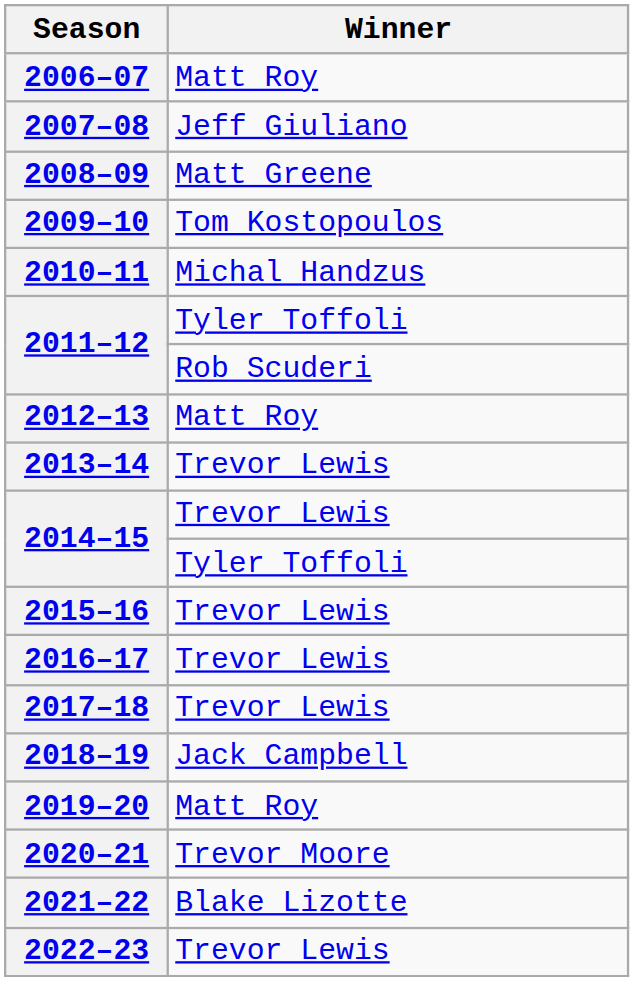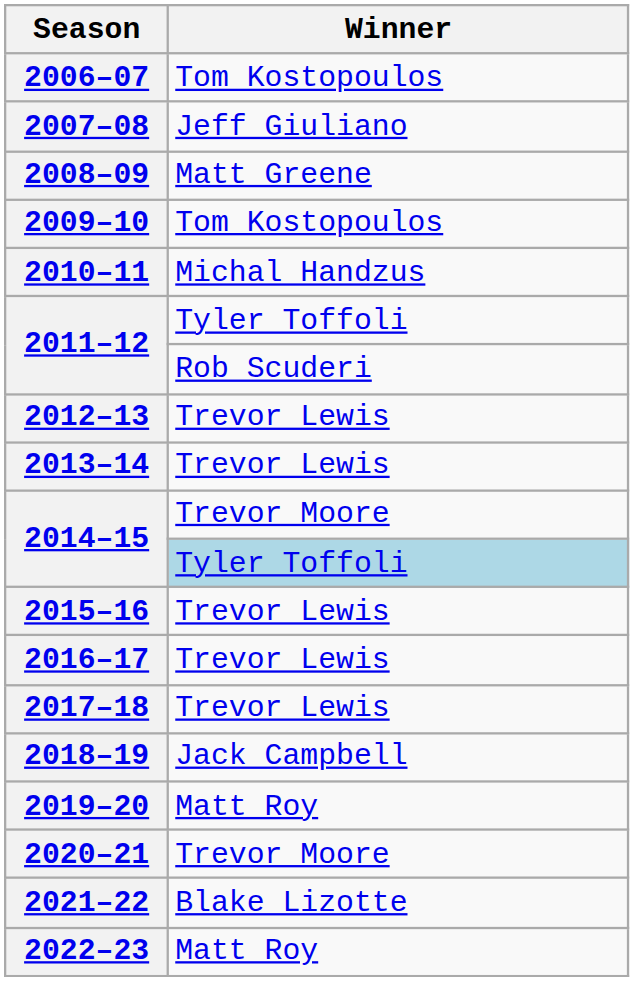 <table class="wikitable">
 <tr>
 <th scope="col" style="width:5em">Season</th>
 <th scope="col" style="width:15em">Winner</th>
 </tr>
 <tr>
 <th scope="row"><a href='#'>2006–07</a></th>
-<td><a href='#'>Matt Roy</a></td>
+<td><a href='#'>Tom Kostopoulos</a></td>
 </tr>
 <tr>
 <th scope="row"><a href='#'>2007–08</a></th>
 <td><a href='#'>Jeff Giuliano</a></td>
 </tr>
 <tr>
 <th scope="row"><a href='#'>2008–09</a></th>
 <td><a href='#'>Matt Greene</a></td>
 </tr>
 <tr>
 <th scope="row"><a href='#'>2009–10</a></th>
 <td><a href='#'>Tom Kostopoulos</a></td>
 </tr>
 <tr>
 <th scope="row"><a href='#'>2010–11</a></th>
 <td><a href='#'>Michal Handzus</a></td>
 </tr>
 <tr>
 <th scope="row" rowspan="2"><a href='#'>2011–12</a></th>
 <td><a href='#'>Tyler Toffoli</a></td>
 </tr>
 <tr>
 <td><a href='#'>Rob Scuderi</a></td>
 </tr>
 <tr>
 <th scope="row"><a href='#'>2012–13</a></th>
-<td><a href='#'>Matt Roy</a></td>
+<td><a href='#'>Trevor Lewis</a></td>
 </tr>
 <tr>
 <th scope="row"><a href='#'>2013–14</a></th>
 <td><a href='#'>Trevor Lewis</a></td>
 </tr>
 <tr>
 <th scope="row" rowspan="2"><a href='#'>2014–15</a></th>
-<td><a href='#'>Trevor Lewis</a></td>
+<td><a href='#'>Trevor Moore</a></td>
 </tr>
 <tr>
-<td><a href='#'>Tyler Toffoli</a></td>
+<td style="background: lightblue;"><a href='#'>Tyler Toffoli</a></td>
 </tr>
 <tr>
 <th scope="row"><a href='#'>2015–16</a></th>
 <td><a href='#'>Trevor Lewis</a></td>
 </tr>
 <tr>
 <th scope="row"><a href='#'>2016–17</a></th>
 <td><a href='#'>Trevor Lewis</a></td>
 </tr>
 <tr>
 <th scope="row"><a href='#'>2017–18</a></th>
 <td><a href='#'>Trevor Lewis</a></td>
 </tr>
 <tr>
 <th scope="row"><a href='#'>2018–19</a></th>
 <td><a href='#'>Jack Campbell</a></td>
 </tr>
 <tr>
 <th scope="row"><a href='#'>2019–20</a></th>
 <td><a href='#'>Matt Roy</a></td>
 </tr>
 <tr>
 <th scope="row"><a href='#'>2020–21</a></th>
 <td><a href='#'>Trevor Moore</a></td>
 </tr>
 <tr>
 <th scope="row"><a href='#'>2021–22</a></th>
 <td><a href='#'>Blake Lizotte</a></td>
 </tr>
 <tr>
 <th scope="row"><a href='#'>2022–23</a></th>
-<td><a href='#'>Trevor Lewis</a></td>
+<td><a href='#'>Matt Roy</a></td>
 </tr>
 </table>
